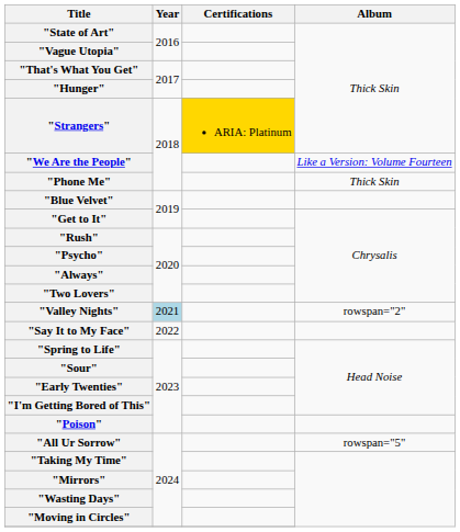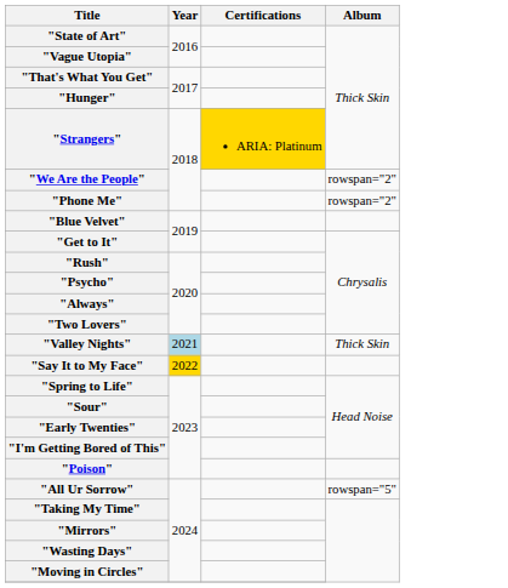 <table class="wikitable plainrowheaders" style="text-align:center;">
 <tr>
 <th scope="col" rowspan="1">Title</th>
 <th scope="col" rowspan="1">Year</th>
 <th scope="col" rowspan="1">Certifications</th>
 <th scope="col" rowspan="1">Album</th>
 </tr>
 <tr>
 <th scope="row">"State of Art"</th>
 <td rowspan="2">2016</td>
 <td></td>
 <td rowspan="5"><em>Thick Skin</em></td>
 </tr>
 <tr>
 <th scope="row">"Vague Utopia"</th>
 <td></td>
 </tr>
 <tr>
 <th scope="row">"That's What You Get"</th>
 <td rowspan="2">2017</td>
 <td></td>
 </tr>
 <tr>
 <th scope="row">"Hunger"</th>
 <td></td>
 </tr>
 <tr>
 <th scope="row">"<a href='#'>Strangers</a>"<br></th>
 <td rowspan="3">2018</td>
 <td style="background: gold;"><br><ul><li>ARIA: Platinum</li></ul></td>
 </tr>
 <tr>
 <th scope="row">"<a href='#'>We Are the People</a>"<br></th>
 <td></td>
-<td><em><a href='#'>Like a Version: Volume Fourteen</a></em></td>
+<td>rowspan="2" </td>
 </tr>
 <tr>
 <th scope="row">"Phone Me"</th>
 <td></td>
-<td><em>Thick Skin</em></td>
+<td>rowspan="2" </td>
 </tr>
 <tr>
 <th scope="row">"Blue Velvet" </th>
 <td rowspan="2">2019</td>
 <td></td>
 <td></td>
 </tr>
 <tr>
 <th scope="row">"Get to It"</th>
 <td></td>
 <td rowspan="5"><em>Chrysalis</em></td>
 </tr>
 <tr>
 <th scope="row">"Rush"</th>
 <td rowspan="4">2020</td>
 <td></td>
 </tr>
 <tr>
 <th scope="row">"Psycho"</th>
 <td></td>
 </tr>
 <tr>
 <th scope="row">"Always"<br></th>
 <td></td>
 </tr>
 <tr>
 <th scope="row">"Two Lovers"</th>
 <td></td>
 </tr>
 <tr>
 <th scope="row">"Valley Nights"<br></th>
 <td style="background: lightblue;">2021</td>
 <td></td>
-<td>rowspan="2" </td>
+<td><em>Thick Skin</em></td>
 </tr>
 <tr>
 <th scope="row">"Say It to My Face"</th>
-<td>2022</td>
+<td style="background: gold;">2022</td>
 <td></td>
 </tr>
 <tr>
 <th scope="row">"Spring to Life"</th>
 <td rowspan="5">2023</td>
 <td></td>
 <td rowspan="4"><em>Head Noise</em></td>
 </tr>
 <tr>
 <th scope="row">"Sour"</th>
 <td></td>
 </tr>
 <tr>
 <th scope="row">"Early Twenties"</th>
 <td></td>
 </tr>
 <tr>
 <th scope="row">"I'm Getting Bored of This"</th>
 <td></td>
 </tr>
 <tr>
 <th scope="row">"<a href='#'>Poison</a>"<br></th>
 <td></td>
 <td></td>
 </tr>
 <tr>
 <th scope="row">"All Ur Sorrow"</th>
 <td rowspan="5">2024</td>
 <td></td>
 <td>rowspan="5" </td>
 </tr>
 <tr>
 <th scope="row">"Taking My Time"</th>
 <td></td>
 </tr>
 <tr>
 <th scope="row">"Mirrors"</th>
 <td></td>
 </tr>
 <tr>
 <th scope="row">"Wasting Days"</th>
 <td></td>
 </tr>
 <tr>
 <th scope="row">"Moving in Circles"</th>
 <td></td>
 </tr>
 <tr>
 </tr>
 </table>
